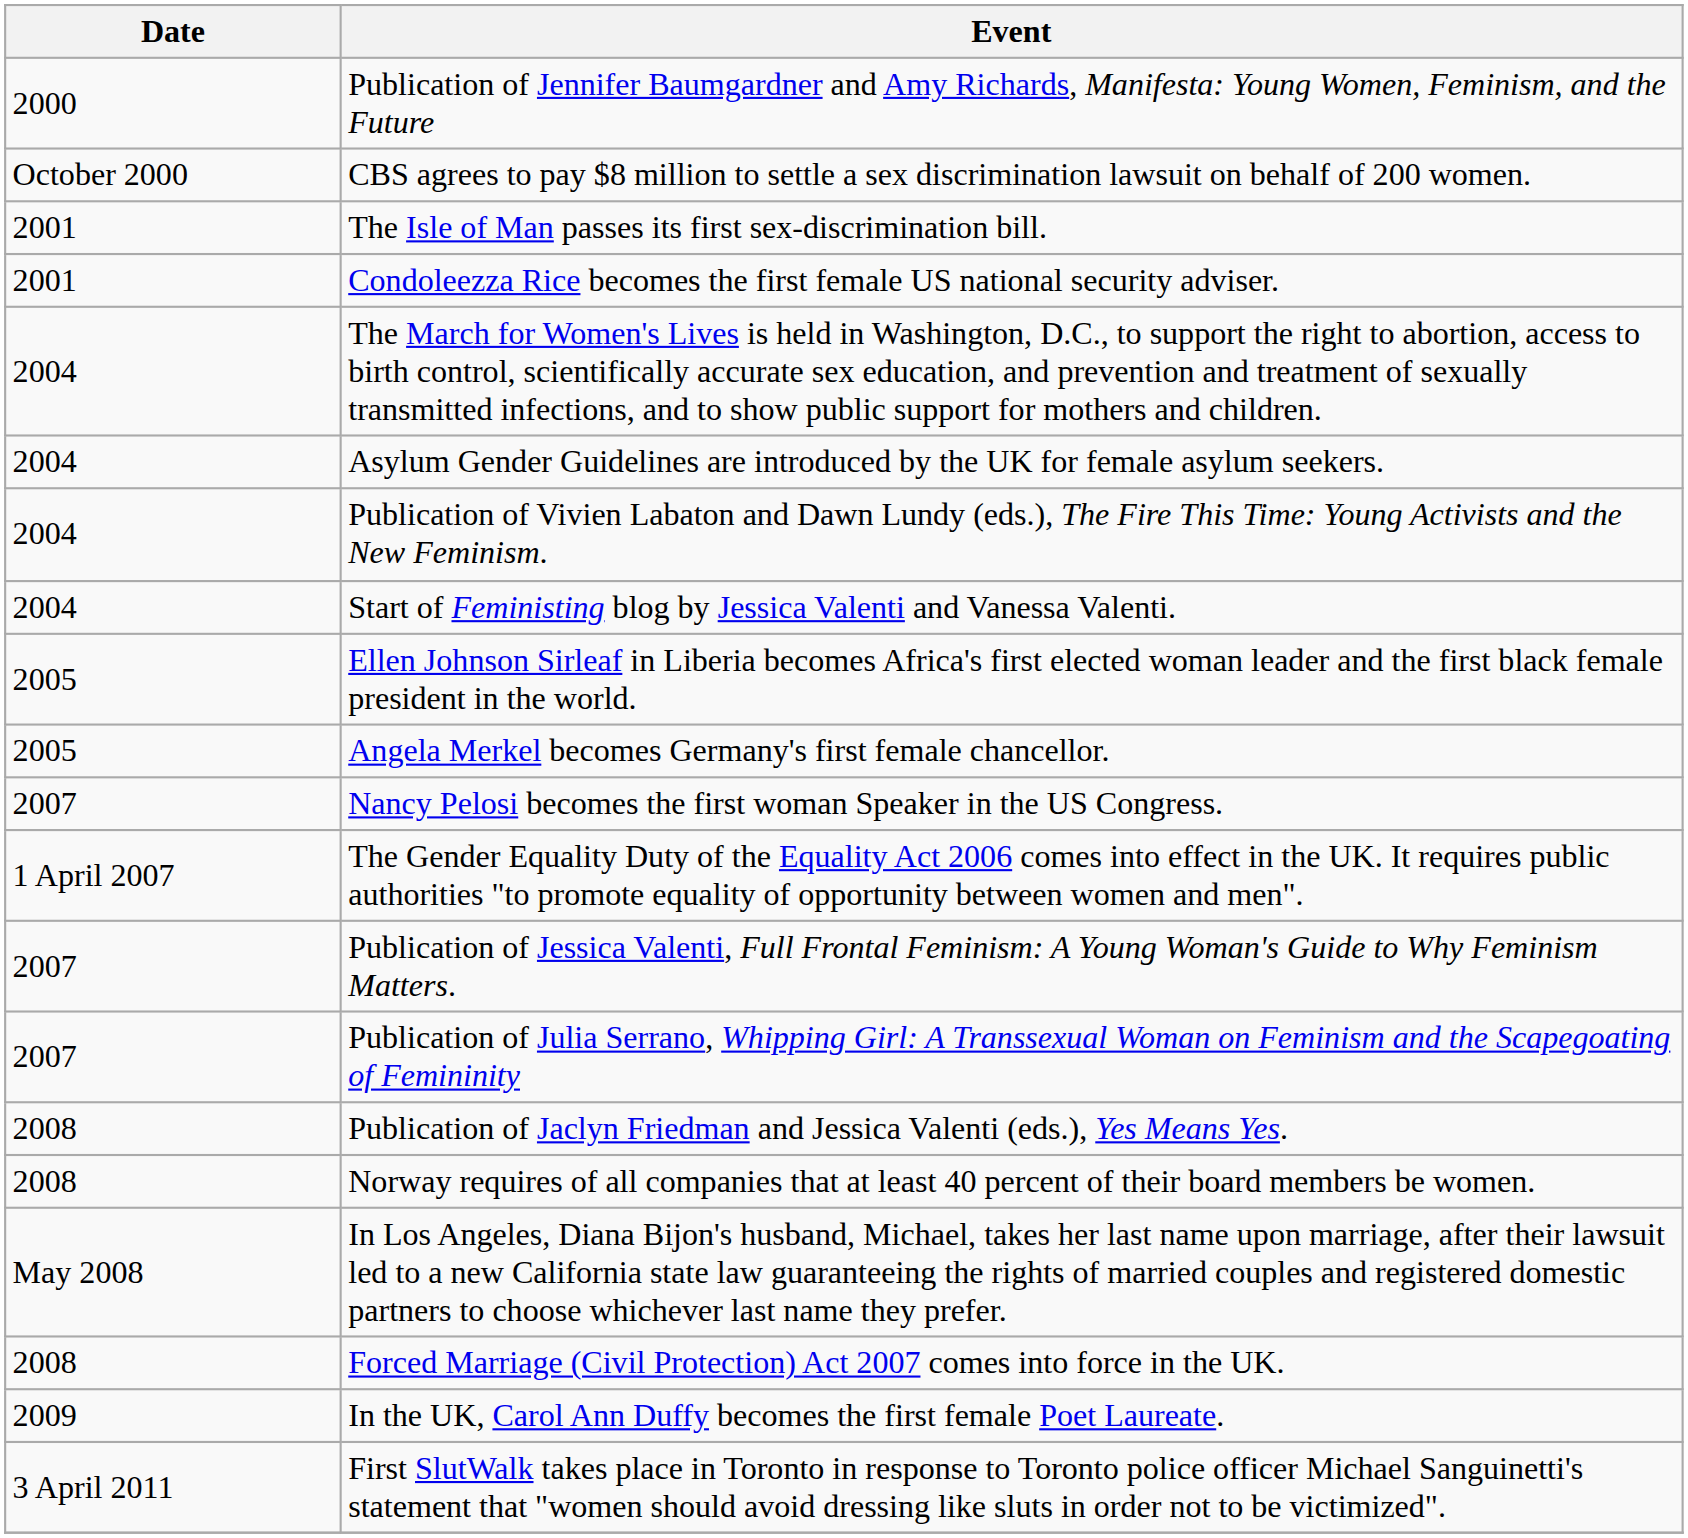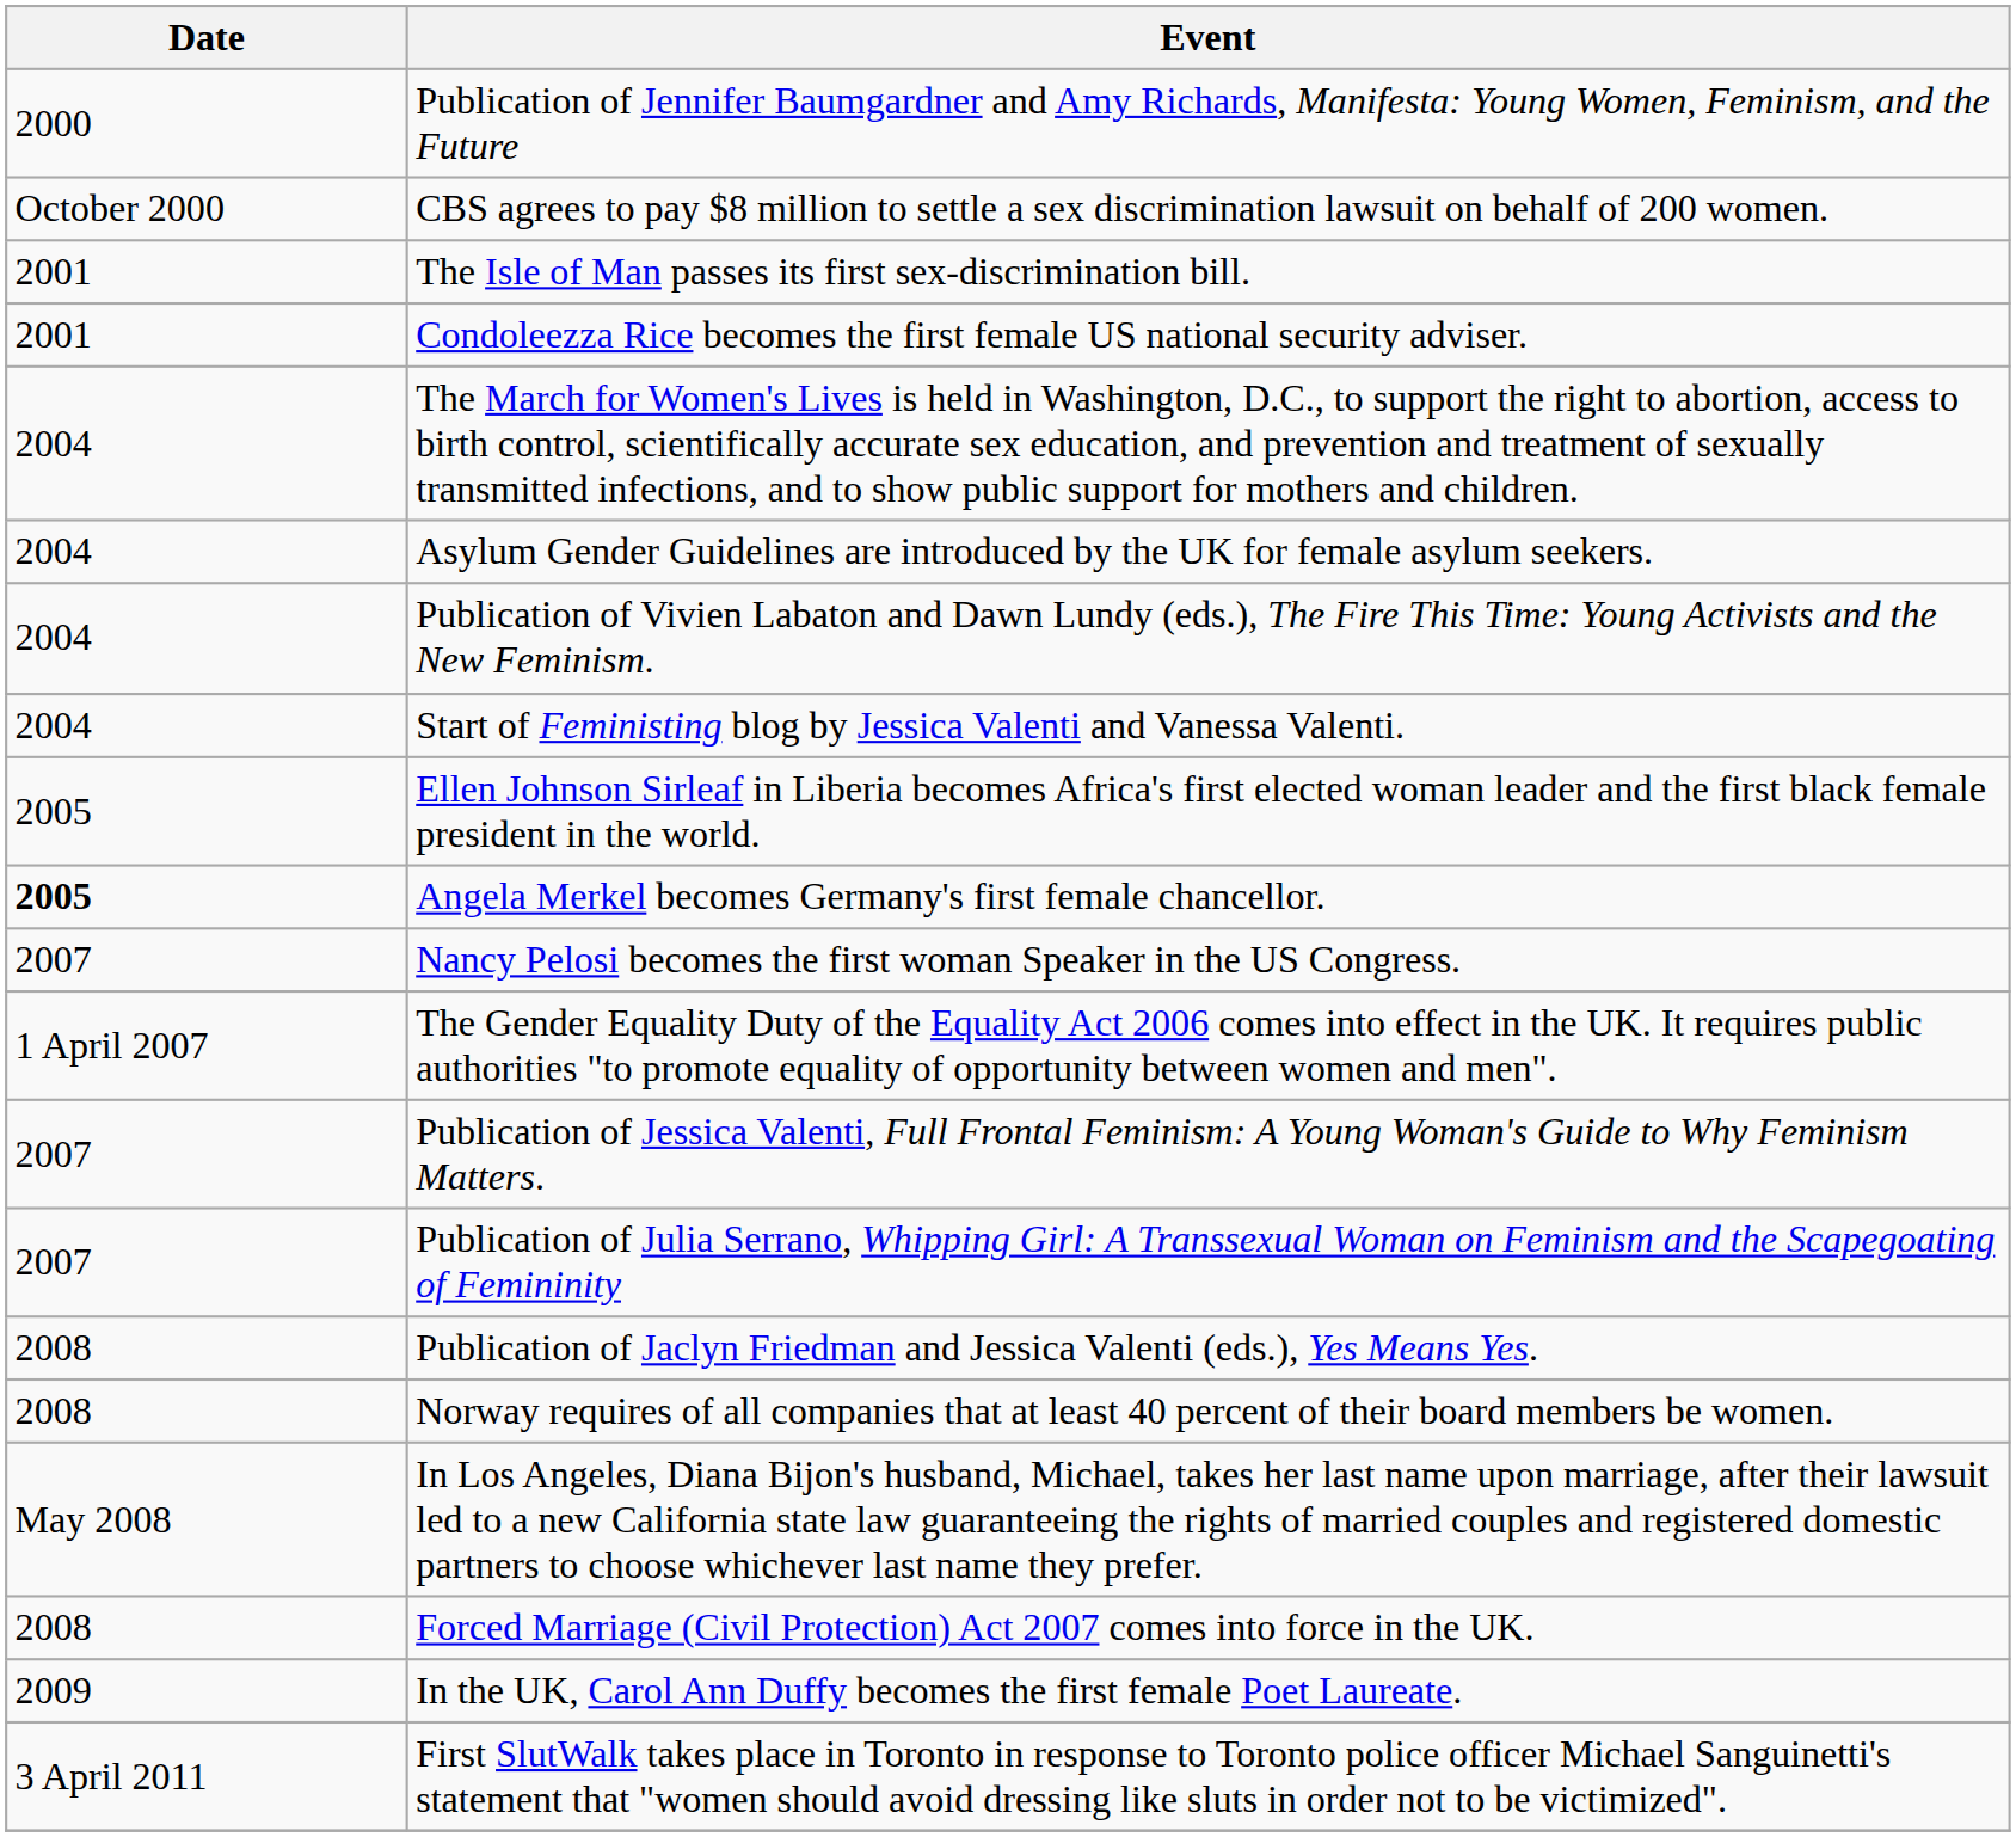 <table class="wikitable" style="font-size:95%; width: 90%; text-align:left; float:center; margin-left:10px;">
 <tr>
 <th scope="col" style="width:10em;">Date</th>
 <th>Event</th>
 </tr>
 <tr>
 <td>2000</td>
 <td>Publication of <a href='#'>Jennifer Baumgardner</a> and <a href='#'>Amy Richards</a>, <em>Manifesta: Young Women, Feminism, and the Future</em></td>
 </tr>
 <tr>
 <td>October 2000</td>
 <td>CBS agrees to pay $8 million to settle a sex discrimination lawsuit on behalf of 200 women.</td>
 </tr>
 <tr>
 <td>2001</td>
 <td>The <a href='#'>Isle of Man</a> passes its first sex-discrimination bill.</td>
 </tr>
 <tr>
 <td>2001</td>
 <td><a href='#'>Condoleezza Rice</a> becomes the first female US national security adviser.</td>
 </tr>
 <tr>
 <td>2004</td>
 <td>The <a href='#'>March for Women's Lives</a> is held in Washington, D.C., to support the right to abortion, access to birth control, scientifically accurate sex education, and prevention and treatment of sexually transmitted infections, and to show public support for mothers and children.</td>
 </tr>
 <tr>
 <td>2004</td>
 <td>Asylum Gender Guidelines are introduced by the UK for female asylum seekers.</td>
 </tr>
 <tr>
 <td>2004</td>
 <td>Publication of Vivien Labaton and Dawn Lundy (eds.), <em>The Fire This Time: Young Activists and the New Feminism</em>.</td>
 </tr>
 <tr>
 <td>2004</td>
 <td>Start of <em><a href='#'>Feministing</a></em> blog by <a href='#'>Jessica Valenti</a> and Vanessa Valenti.</td>
 </tr>
 <tr>
 <td>2005</td>
 <td><a href='#'>Ellen Johnson Sirleaf</a> in Liberia becomes Africa's first elected woman leader and the first black female president in the world.</td>
 </tr>
 <tr>
-<td>2005</td>
+<td><strong>2005</strong></td>
 <td><a href='#'>Angela Merkel</a> becomes Germany's first female chancellor.</td>
 </tr>
 <tr>
 <td>2007</td>
 <td><a href='#'>Nancy Pelosi</a> becomes the first woman Speaker in the US Congress.</td>
 </tr>
 <tr>
 <td>1 April 2007</td>
 <td>The Gender Equality Duty of the <a href='#'>Equality Act 2006</a> comes into effect in the UK. It requires public authorities "to promote equality of opportunity between women and men".</td>
 </tr>
 <tr>
 <td>2007</td>
 <td>Publication of <a href='#'>Jessica Valenti</a>, <em>Full Frontal Feminism: A Young Woman's Guide to Why Feminism Matters</em>.</td>
 </tr>
 <tr>
 <td>2007</td>
 <td>Publication of <a href='#'>Julia Serrano</a>, <em><a href='#'>Whipping Girl: A Transsexual Woman on Feminism and the Scapegoating of Femininity</a></em></td>
 </tr>
 <tr>
 <td>2008</td>
 <td>Publication of <a href='#'>Jaclyn Friedman</a> and Jessica Valenti (eds.), <em><a href='#'>Yes Means Yes</a></em>.</td>
 </tr>
 <tr>
 <td>2008</td>
 <td>Norway requires of all companies that at least 40 percent of their board members be women.</td>
 </tr>
 <tr>
 <td>May 2008</td>
 <td>In Los Angeles, Diana Bijon's husband, Michael, takes her last name upon marriage, after their lawsuit led to a new California state law guaranteeing the rights of married couples and registered domestic partners to choose whichever last name they prefer.</td>
 </tr>
 <tr>
 <td>2008</td>
 <td><a href='#'>Forced Marriage (Civil Protection) Act 2007</a> comes into force in the UK.</td>
 </tr>
 <tr>
 <td>2009</td>
 <td>In the UK, <a href='#'>Carol Ann Duffy</a> becomes the first female <a href='#'>Poet Laureate</a>.</td>
 </tr>
 <tr>
 <td>3 April 2011</td>
 <td>First <a href='#'>SlutWalk</a> takes place in Toronto in response to Toronto police officer Michael Sanguinetti's statement that "women should avoid dressing like sluts in order not to be victimized".</td>
 </tr>
 <tr>
 </tr>
 </table>
